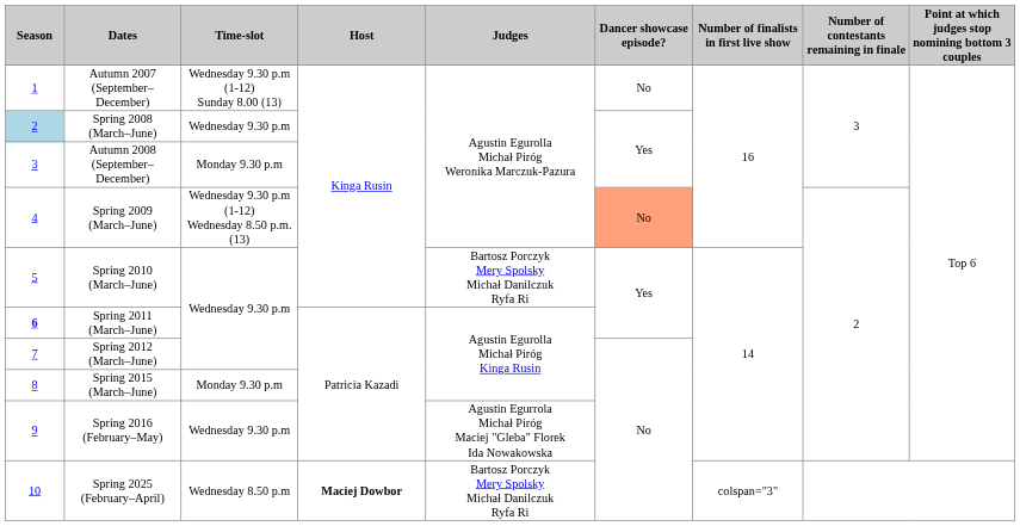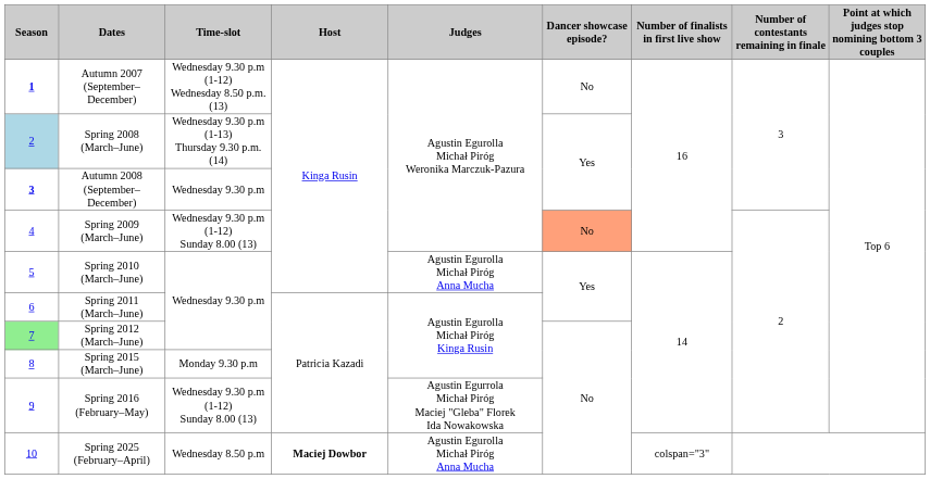 <table width="100%" border="1" cellpadding="1" cellspacing="0" style="text-align:center; font-size:95%; border-collapse:collapse;">
 <tr style="background:#CCCCCC;">
 <th scope="col" width="75">Season</th>
 <th scope="col" width="155">Dates</th>
 <th scope="col" width="155">Time-slot</th>
 <th scope="col" width="175">Host</th>
 <th scope="col" width="230">Judges</th>
 <th scope="col" width="130">Dancer showcase episode?</th>
 <th scope="col" width="145">Number of finalists in first live show</th>
 <th scope="col" width="140">Number of contestants remaining in finale</th>
 <th scope="col" width="140">Point at which judges stop nomining bottom 3 couples</th>
 </tr>
 <tr>
-<td><a href='#'>1</a></td>
+<td><strong><a href='#'>1</a></strong></td>
 <td>Autumn 2007 <br> (September–December)</td>
-<td>Wednesday 9.30 p.m (1-12) <br> Sunday 8.00 (13)</td>
+<td>Wednesday 9.30 p.m (1-12) <br> Wednesday 8.50 p.m. (13)</td>
 <td rowspan=5><a href='#'>Kinga Rusin</a></td>
 <td rowspan=4>Agustin Egurolla<br>Michał Piróg<br>Weronika Marczuk-Pazura</td>
 <td>No</td>
 <td rowspan=4>16</td>
 <td rowspan=3>3</td>
 <td rowspan=9>Top 6</td>
 </tr>
 <tr>
 <td style="background: lightblue;"><a href='#'>2</a></td>
 <td>Spring 2008 <br>(March–June)</td>
-<td>Wednesday 9.30 p.m</td>
+<td>Wednesday 9.30 p.m (1-13) <br> Thursday 9.30 p.m. (14)</td>
 <td rowspan=2>Yes</td>
 </tr>
 <tr>
-<td><a href='#'>3</a></td>
+<td><strong><a href='#'>3</a></strong></td>
 <td>Autumn 2008 <br> (September–December)</td>
-<td>Monday 9.30 p.m</td>
+<td>Wednesday 9.30 p.m</td>
 </tr>
 <tr>
 <td><a href='#'>4</a></td>
 <td>Spring 2009  <br> (March–June)</td>
-<td>Wednesday 9.30 p.m (1-12) <br> Wednesday 8.50 p.m. (13)</td>
+<td>Wednesday 9.30 p.m (1-12) <br> Sunday 8.00 (13)</td>
 <td style="background: lightsalmon;">No</td>
 <td rowspan=6>2</td>
 </tr>
 <tr>
 <td><a href='#'>5</a></td>
 <td>Spring 2010 <br> (March–June)</td>
 <td rowspan=3>Wednesday 9.30 p.m</td>
-<td>Bartosz Porczyk <br> <a href='#'>Mery Spolsky</a> <br> Michał Danilczuk <br> Ryfa Ri</td>
+<td>Agustin Egurolla<br>Michał Piróg<br><a href='#'>Anna Mucha</a></td>
 <td rowspan=2>Yes</td>
 <td rowspan=5>14</td>
 </tr>
 <tr>
-<td><strong><a href='#'>6</a></strong></td>
+<td><a href='#'>6</a></td>
 <td>Spring 2011 <br> (March–June)</td>
 <td rowspan=4>Patricia Kazadi</td>
 <td rowspan=3>Agustin Egurolla<br>Michał Piróg<br><a href='#'>Kinga Rusin</a></td>
 </tr>
 <tr>
-<td><a href='#'>7</a></td>
+<td style="background: lightgreen;"><a href='#'>7</a></td>
 <td>Spring 2012 <br> (March–June)</td>
 <td rowspan=4>No</td>
 </tr>
 <tr>
 <td><a href='#'>8</a></td>
 <td>Spring 2015 <br> (March–June)</td>
 <td>Monday 9.30 p.m</td>
 </tr>
 <tr>
 <td><a href='#'>9</a></td>
 <td>Spring 2016 <br> (February–May)</td>
-<td>Wednesday 9.30 p.m</td>
+<td>Wednesday 9.30 p.m (1-12) <br> Sunday 8.00 (13)</td>
 <td>Agustin Egurrola <br> Michał Piróg <br> Maciej "Gleba" Florek <br> Ida Nowakowska</td>
 </tr>
 <tr>
 <td><a href='#'>10</a></td>
 <td>Spring 2025 <br> (February–April)</td>
 <td>Wednesday 8.50 p.m</td>
 <td><strong>Maciej Dowbor</strong></td>
-<td>Bartosz Porczyk <br> <a href='#'>Mery Spolsky</a> <br> Michał Danilczuk <br> Ryfa Ri</td>
+<td>Agustin Egurolla<br>Michał Piróg<br><a href='#'>Anna Mucha</a></td>
 <td>colspan="3" </td>
 </tr>
 </table>
